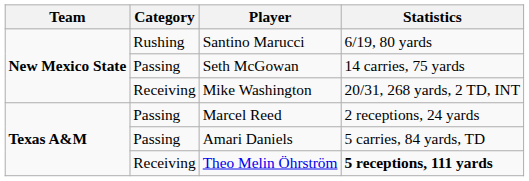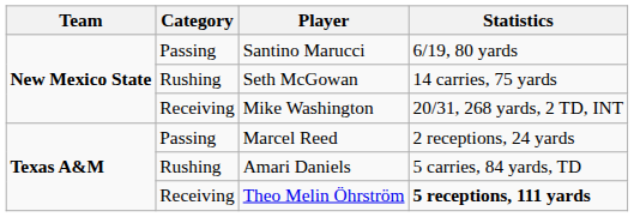 <table class="wikitable" style="float: right;">
 <tr>
 <th>Team</th>
 <th>Category</th>
 <th>Player</th>
 <th>Statistics</th>
 </tr>
 <tr>
 <td rowspan=3><strong>New Mexico State</strong></td>
-<td>Rushing</td>
+<td>Passing</td>
 <td>Santino Marucci</td>
 <td>6/19, 80 yards</td>
 </tr>
 <tr>
-<td>Passing</td>
+<td>Rushing</td>
 <td>Seth McGowan</td>
 <td>14 carries, 75 yards</td>
 </tr>
 <tr>
 <td>Receiving</td>
 <td>Mike Washington</td>
 <td>20/31, 268 yards, 2 TD, INT</td>
 </tr>
 <tr>
 <td rowspan=3><strong>Texas A&M</strong></td>
 <td>Passing</td>
 <td>Marcel Reed</td>
 <td>2 receptions, 24 yards</td>
 </tr>
 <tr>
-<td>Passing</td>
+<td>Rushing</td>
 <td>Amari Daniels</td>
 <td>5 carries, 84 yards, TD</td>
 </tr>
 <tr>
 <td>Receiving</td>
 <td><a href='#'>Theo Melin Öhrström</a></td>
 <td><strong>5 receptions, 111 yards</strong></td>
 </tr>
 </table>
